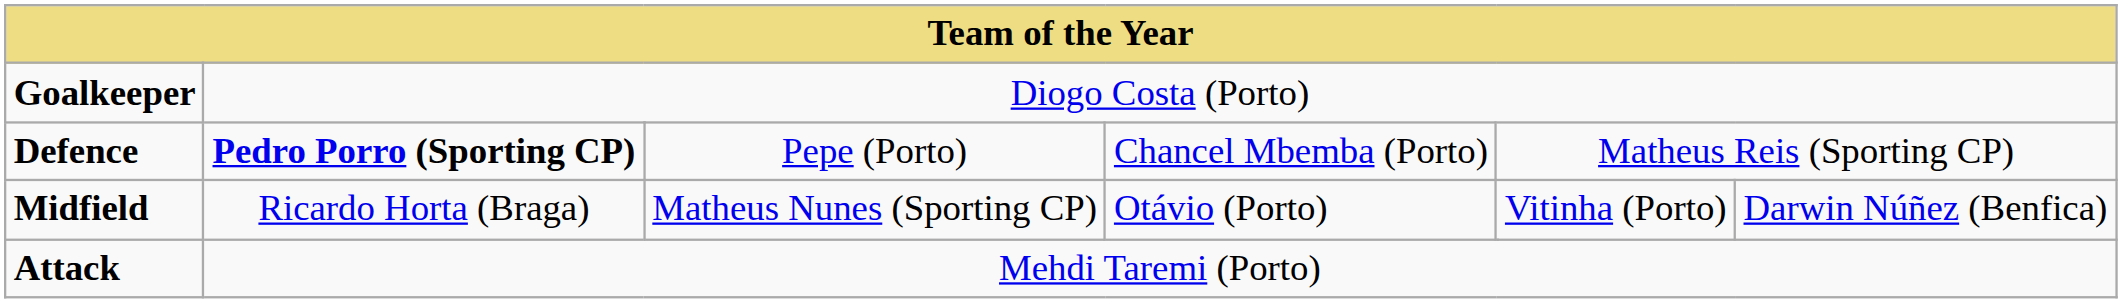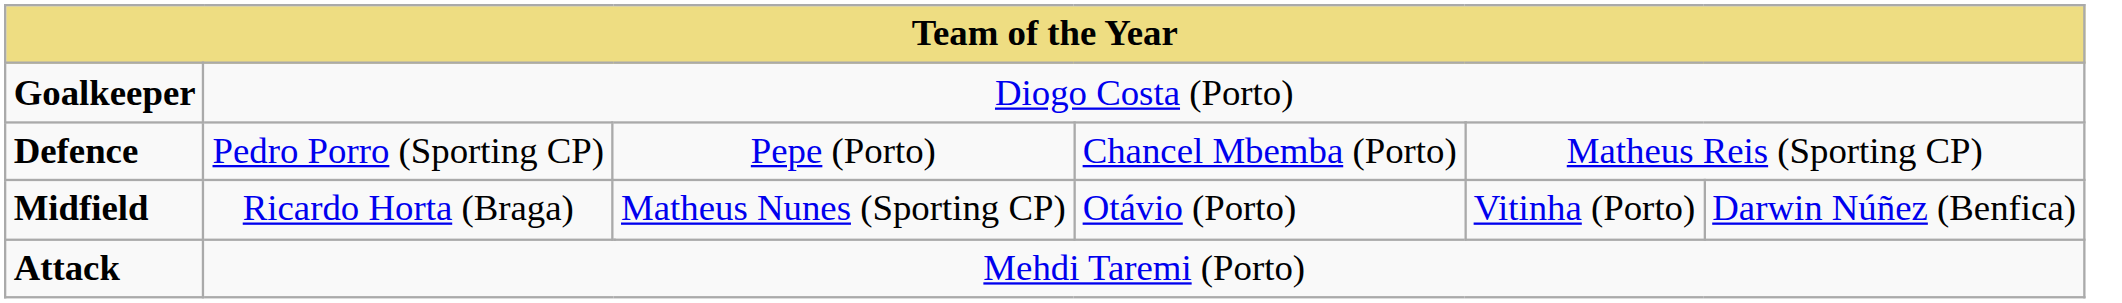 <table class="wikitable">
 <tr>
 <th colspan="8" style="background-color: #eedd82">Team of the Year</th>
 </tr>
 <tr>
 <td><strong>Goalkeeper</strong></td>
 <td colspan="7" align="center"> <a href='#'>Diogo Costa</a> (Porto)</td>
 </tr>
 <tr>
 <td><strong>Defence</strong></td>
-<td align="center"><strong> <a href='#'>Pedro Porro</a> (Sporting CP)</strong></td>
+<td align="center"> <a href='#'>Pedro Porro</a> (Sporting CP)</td>
 <td colspan="2" align="center"> <a href='#'>Pepe</a> (Porto)</td>
 <td align="center"> <a href='#'>Chancel Mbemba</a> (Porto)</td>
 <td colspan="3" align="center"> <a href='#'>Matheus Reis</a> (Sporting CP)</td>
 </tr>
 <tr>
 <td><strong>Midfield</strong></td>
 <td colspan="2" align="center"> <a href='#'>Ricardo Horta</a> (Braga)</td>
 <td align="center"> <a href='#'>Matheus Nunes</a> (Sporting CP)</td>
 <td colspan="2"> <a href='#'>Otávio</a> (Porto)</td>
 <td> <a href='#'>Vitinha</a> (Porto)</td>
 <td align="center"> <a href='#'>Darwin Núñez</a> (Benfica)</td>
 </tr>
 <tr>
 <td><strong>Attack</strong></td>
 <td colspan="7" align="center"> <a href='#'>Mehdi Taremi</a> (Porto)</td>
 </tr>
 </table>
